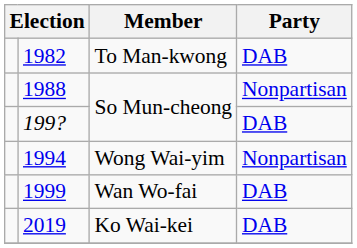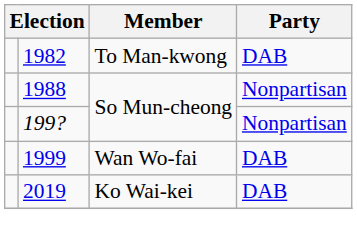 <table class="wikitable">
 <tr>
 <th colspan="2">Election</th>
 <th>Member</th>
 <th>Party</th>
 </tr>
 <tr>
 <td style="color:inherit;background:"></td>
 <td><a href='#'>1982</a></td>
 <td>To Man-kwong</td>
 <td><a href='#'>DAB</a></td>
 </tr>
 <tr>
 <td style="color:inherit;background:"></td>
 <td><a href='#'>1988</a></td>
 <td rowspan=2>So Mun-cheong</td>
 <td><a href='#'>Nonpartisan</a></td>
 </tr>
 <tr>
 <td style="color:inherit;background:"></td>
 <td><em>199?</em></td>
-<td><a href='#'>DAB</a></td>
-</tr>
-<tr>
-<td style="color:inherit;background:"></td>
-<td><a href='#'>1994</a></td>
-<td>Wong Wai-yim</td>
 <td><a href='#'>Nonpartisan</a></td>
 </tr>
 <tr>
 <td style="color:inherit;background:"></td>
 <td><a href='#'>1999</a></td>
 <td>Wan Wo-fai</td>
 <td><a href='#'>DAB</a></td>
 </tr>
 <tr>
 <td style="color:inherit;background:"></td>
 <td><a href='#'>2019</a></td>
 <td>Ko Wai-kei</td>
 <td><a href='#'>DAB</a></td>
 </tr>
 <tr>
 </tr>
 </table>
